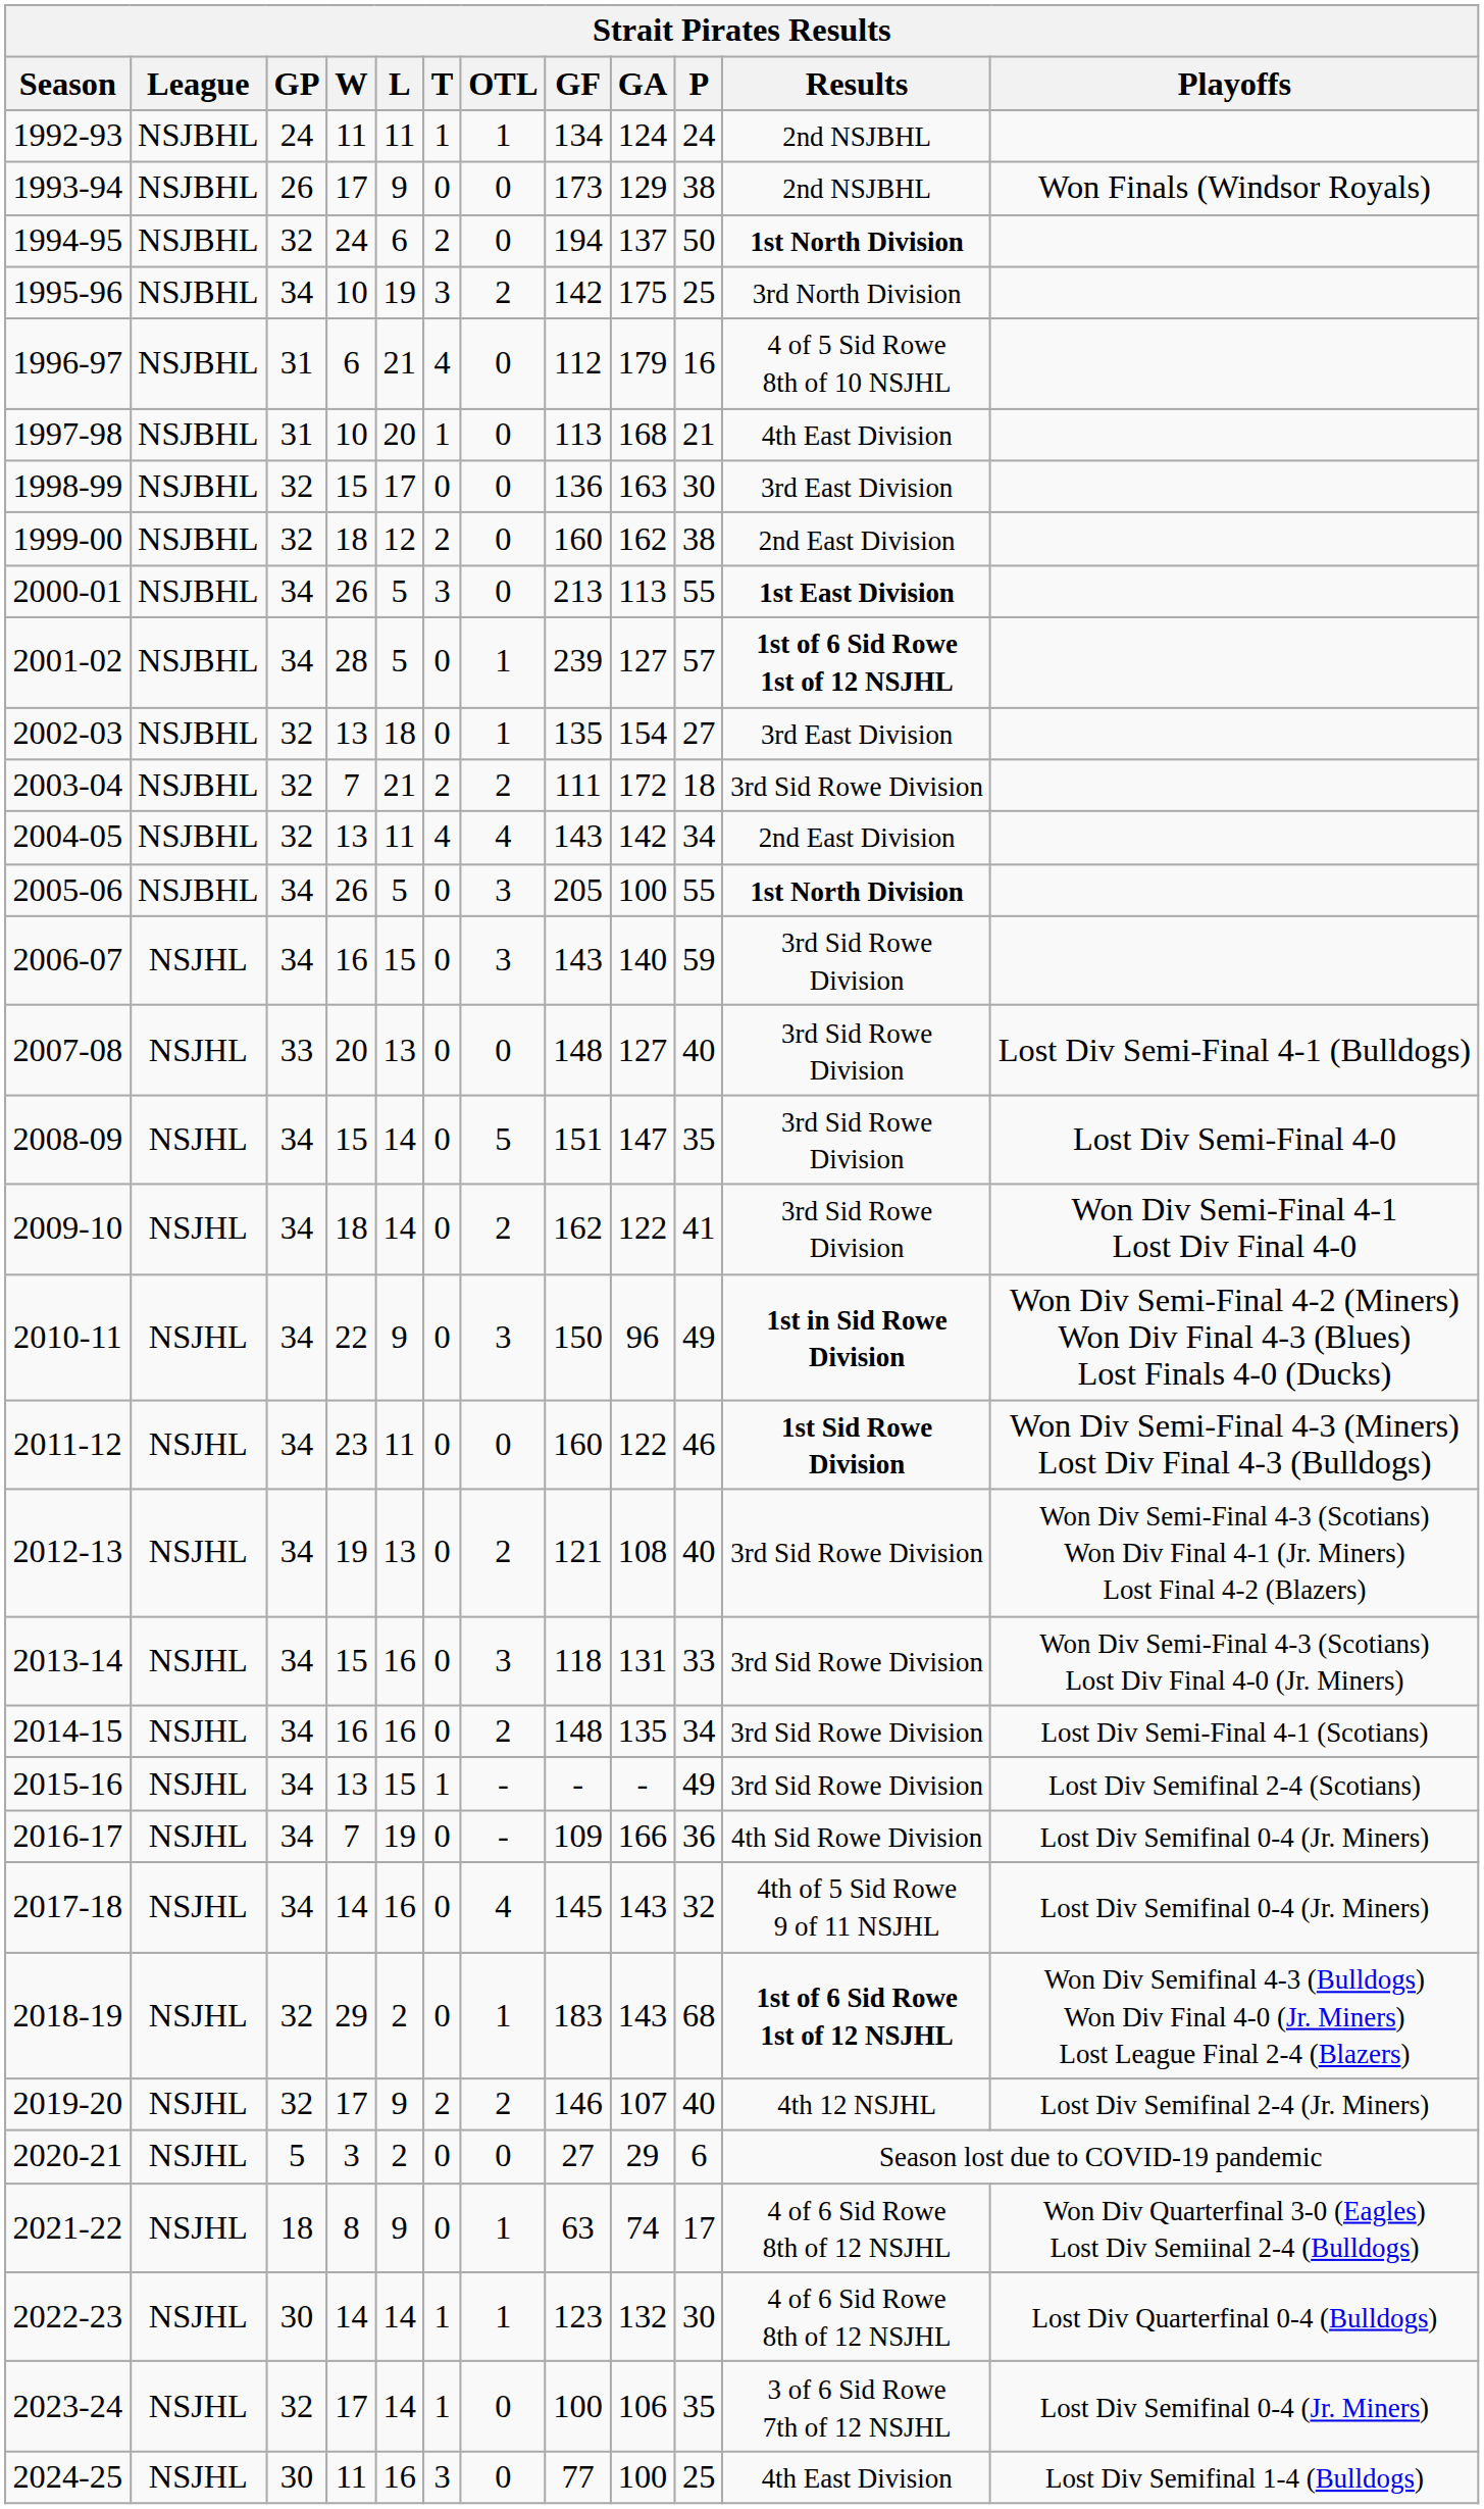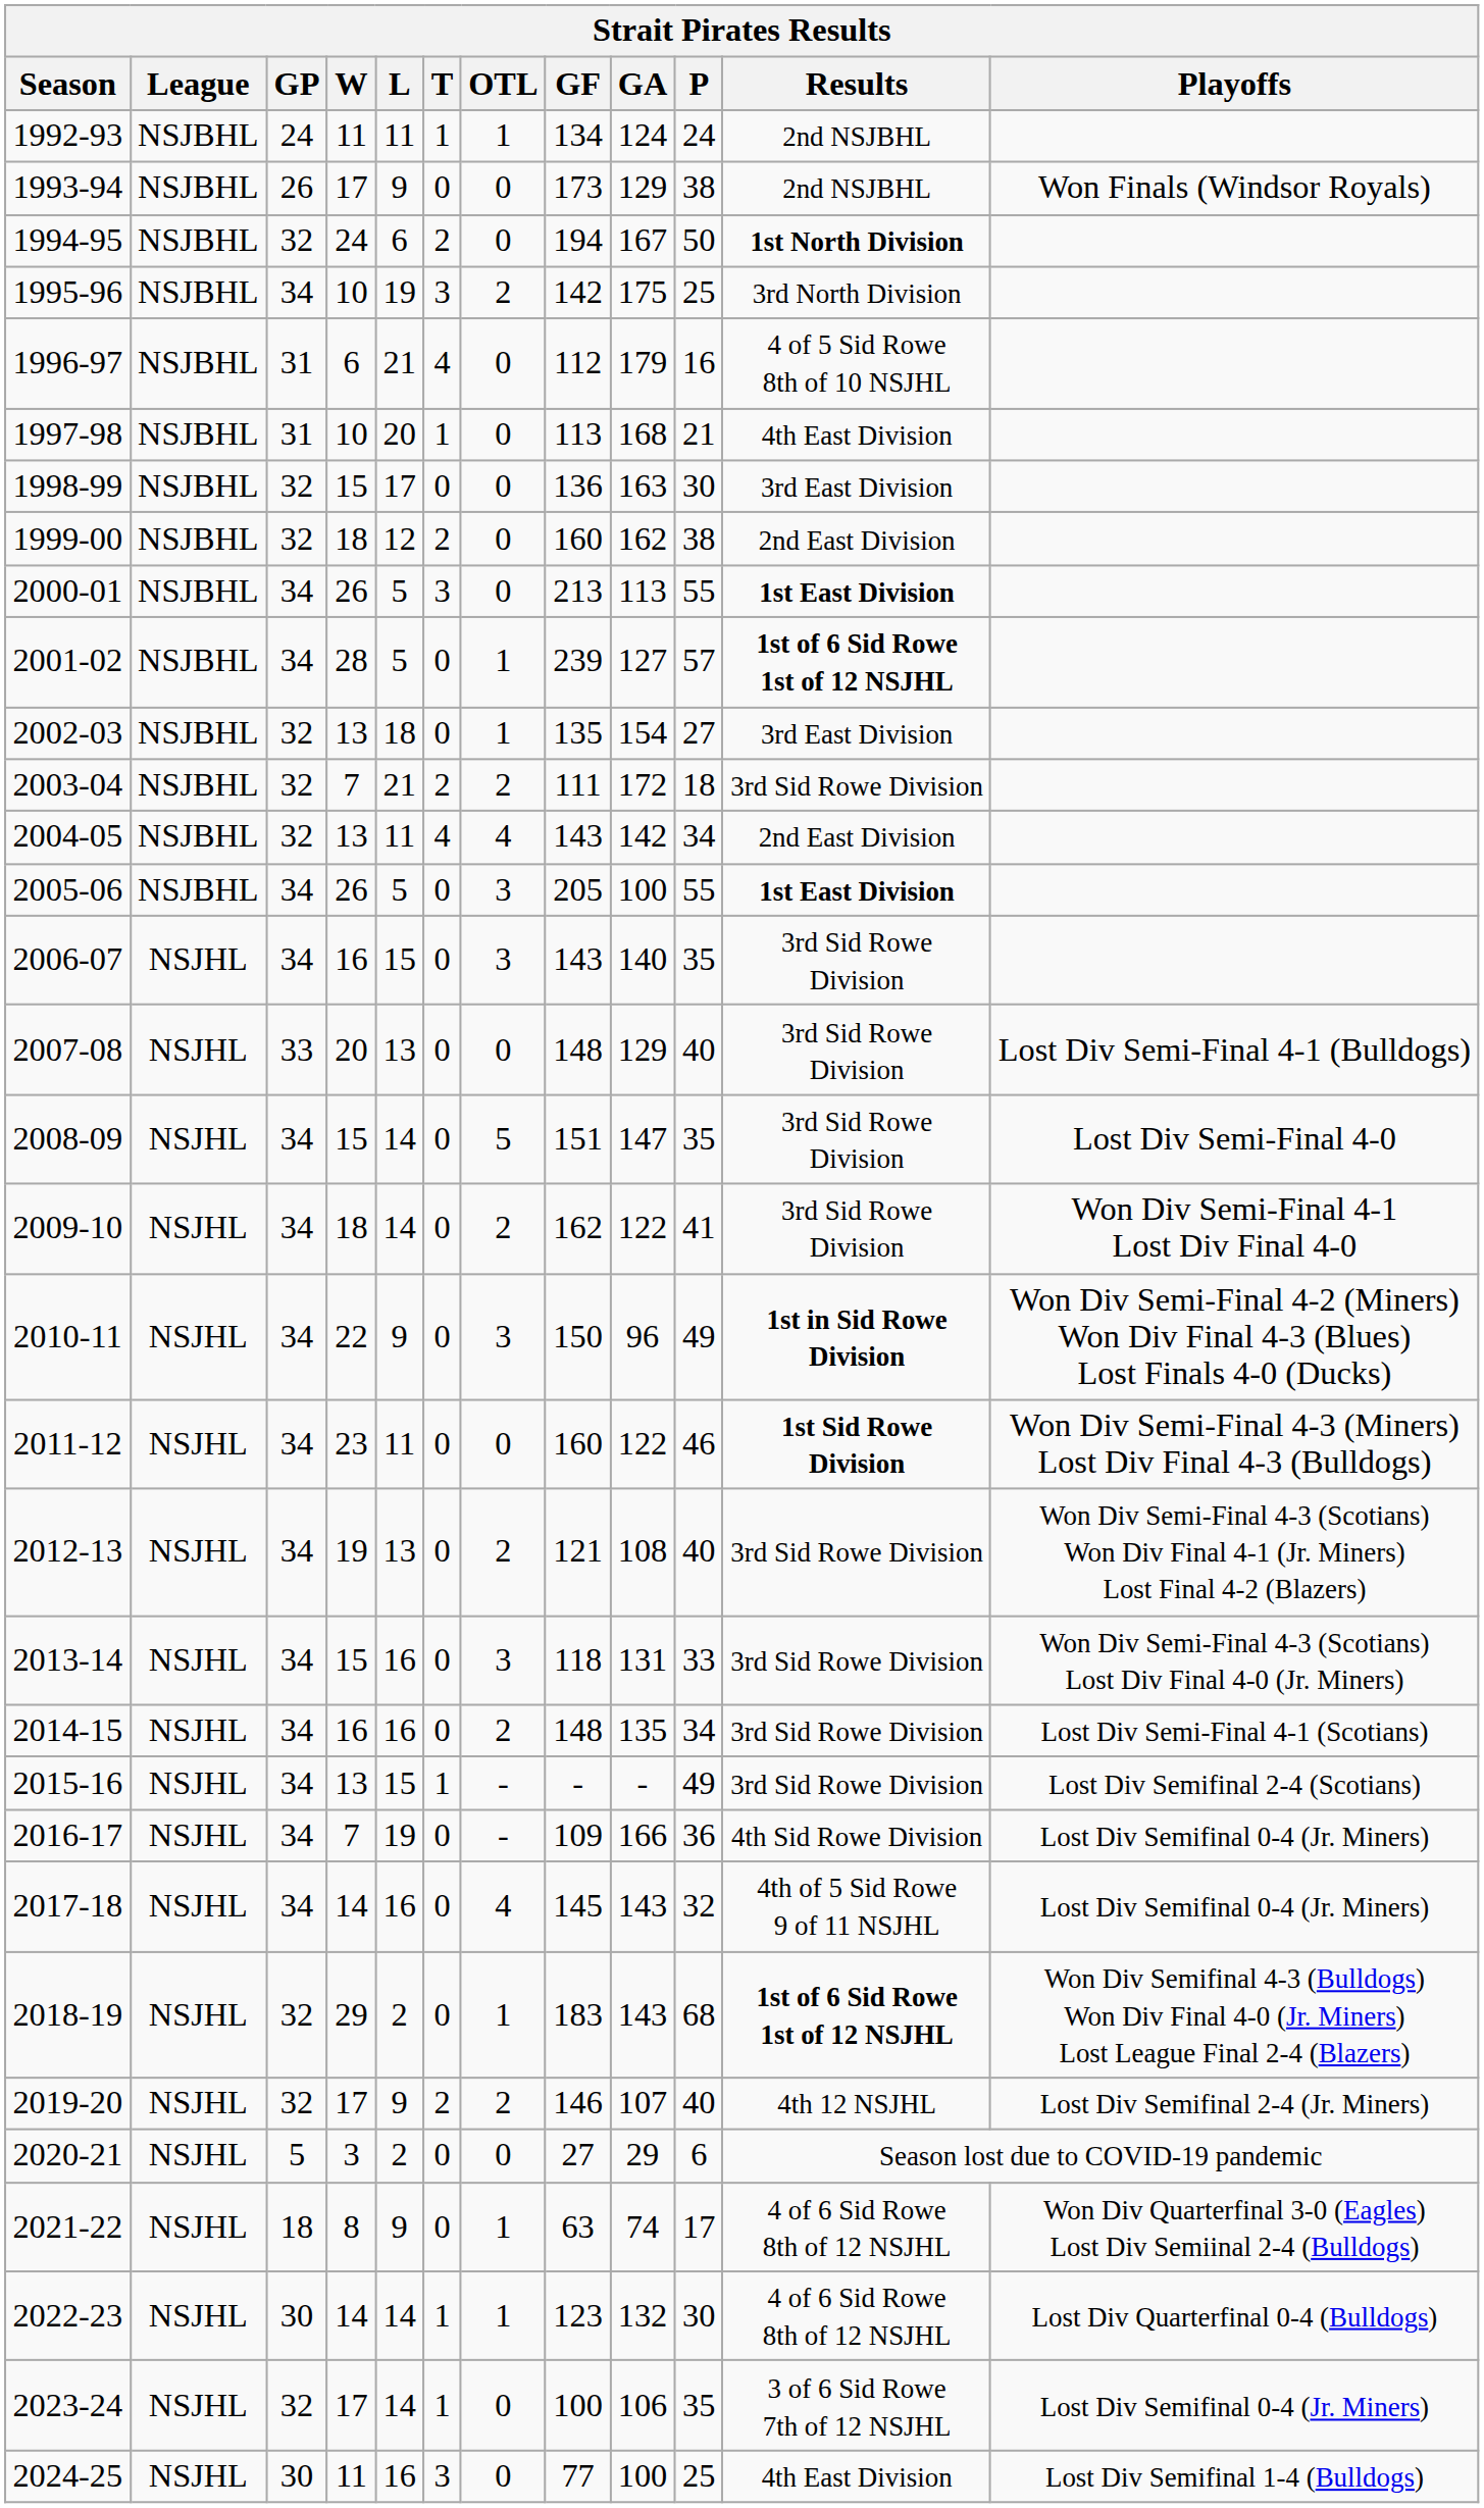 <table class="wikitable collapsible collapsed" style="text-align:center;">
 <tr>
 <th colspan=12 bgcolor="#822433" text_color=white><strong>Strait Pirates Results</strong></th>
 </tr>
 <tr>
 <th><strong>Season</strong></th>
 <th><strong>League</strong></th>
 <th><strong>GP</strong></th>
 <th><strong>W</strong></th>
 <th><strong>L</strong></th>
 <th><strong>T</strong></th>
 <th><strong>OTL</strong></th>
 <th><strong>GF</strong></th>
 <th><strong>GA</strong></th>
 <th><strong>P</strong></th>
 <th><strong>Results</strong></th>
 <th><strong>Playoffs</strong></th>
 </tr>
 <tr align="center">
 <td>1992-93</td>
 <td>NSJBHL</td>
 <td>24</td>
 <td>11</td>
 <td>11</td>
 <td>1</td>
 <td>1</td>
 <td>134</td>
 <td>124</td>
 <td>24</td>
 <td><small>2nd NSJBHL</small></td>
 <td></td>
 </tr>
 <tr align="center">
 <td>1993-94</td>
 <td>NSJBHL</td>
 <td>26</td>
 <td>17</td>
 <td>9</td>
 <td>0</td>
 <td>0</td>
 <td>173</td>
 <td>129</td>
 <td>38</td>
 <td><small>2nd NSJBHL</small></td>
 <td>Won Finals (Windsor Royals)</td>
 </tr>
 <tr align="center">
 <td>1994-95</td>
 <td>NSJBHL</td>
 <td>32</td>
 <td>24</td>
 <td>6</td>
 <td>2</td>
 <td>0</td>
 <td>194</td>
-<td>137</td>
+<td>167</td>
 <td>50</td>
 <td><small><strong>1st North Division</strong></small></td>
 <td></td>
 </tr>
 <tr align="center">
 <td>1995-96</td>
 <td>NSJBHL</td>
 <td>34</td>
 <td>10</td>
 <td>19</td>
 <td>3</td>
 <td>2</td>
 <td>142</td>
 <td>175</td>
 <td>25</td>
 <td><small>3rd North Division</small></td>
 <td></td>
 </tr>
 <tr align="center">
 <td>1996-97</td>
 <td>NSJBHL</td>
 <td>31</td>
 <td>6</td>
 <td>21</td>
 <td>4</td>
 <td>0</td>
 <td>112</td>
 <td>179</td>
 <td>16</td>
 <td><small>4 of 5 Sid Rowe<br>8th of 10 NSJHL</small></td>
 <td></td>
 </tr>
 <tr align="center">
 <td>1997-98</td>
 <td>NSJBHL</td>
 <td>31</td>
 <td>10</td>
 <td>20</td>
 <td>1</td>
 <td>0</td>
 <td>113</td>
 <td>168</td>
 <td>21</td>
 <td><small>4th East Division</small></td>
 <td></td>
 </tr>
 <tr align="center">
 <td>1998-99</td>
 <td>NSJBHL</td>
 <td>32</td>
 <td>15</td>
 <td>17</td>
 <td>0</td>
 <td>0</td>
 <td>136</td>
 <td>163</td>
 <td>30</td>
 <td><small>3rd East Division</small></td>
 <td></td>
 </tr>
 <tr align="center">
 <td>1999-00</td>
 <td>NSJBHL</td>
 <td>32</td>
 <td>18</td>
 <td>12</td>
 <td>2</td>
 <td>0</td>
 <td>160</td>
 <td>162</td>
 <td>38</td>
 <td><small>2nd East Division</small></td>
 <td></td>
 </tr>
 <tr align="center">
 <td>2000-01</td>
 <td>NSJBHL</td>
 <td>34</td>
 <td>26</td>
 <td>5</td>
 <td>3</td>
 <td>0</td>
 <td>213</td>
 <td>113</td>
 <td>55</td>
 <td><small><strong>1st East Division</strong></small></td>
 <td></td>
 </tr>
 <tr align="center">
 <td>2001-02</td>
 <td>NSJBHL</td>
 <td>34</td>
 <td>28</td>
 <td>5</td>
 <td>0</td>
 <td>1</td>
 <td>239</td>
 <td>127</td>
 <td>57</td>
 <td><small><strong>1st of 6 Sid Rowe</strong><br><strong>1st of 12 NSJHL</strong></small></td>
 <td></td>
 </tr>
 <tr align="center">
 <td>2002-03</td>
 <td>NSJBHL</td>
 <td>32</td>
 <td>13</td>
 <td>18</td>
 <td>0</td>
 <td>1</td>
 <td>135</td>
 <td>154</td>
 <td>27</td>
 <td><small>3rd East Division</small></td>
 <td></td>
 </tr>
 <tr align="center">
 <td>2003-04</td>
 <td>NSJBHL</td>
 <td>32</td>
 <td>7</td>
 <td>21</td>
 <td>2</td>
 <td>2</td>
 <td>111</td>
 <td>172</td>
 <td>18</td>
 <td><small>3rd Sid Rowe Division</small></td>
 <td></td>
 </tr>
 <tr align="center">
 <td>2004-05</td>
 <td>NSJBHL</td>
 <td>32</td>
 <td>13</td>
 <td>11</td>
 <td>4</td>
 <td>4</td>
 <td>143</td>
 <td>142</td>
 <td>34</td>
 <td><small>2nd East Division</small></td>
 <td></td>
 </tr>
 <tr align="center">
 <td>2005-06</td>
 <td>NSJBHL</td>
 <td>34</td>
 <td>26</td>
 <td>5</td>
 <td>0</td>
 <td>3</td>
 <td>205</td>
 <td>100</td>
 <td>55</td>
-<td><small><strong>1st North Division</strong></small></td>
+<td><small><strong>1st East Division</strong></small></td>
 <td></td>
 </tr>
 <tr align="center">
 <td>2006-07</td>
 <td>NSJHL</td>
 <td>34</td>
 <td>16</td>
 <td>15</td>
 <td>0</td>
 <td>3</td>
 <td>143</td>
 <td>140</td>
-<td>59</td>
+<td>35</td>
 <td><small>3rd Sid Rowe <br>Division</small></td>
 <td></td>
 </tr>
 <tr align="center">
 <td>2007-08</td>
 <td>NSJHL</td>
 <td>33</td>
 <td>20</td>
 <td>13</td>
 <td>0</td>
 <td>0</td>
 <td>148</td>
-<td>127</td>
+<td>129</td>
 <td>40</td>
 <td><small>3rd Sid Rowe<br> Division </small></td>
 <td>Lost Div Semi-Final 4-1 (Bulldogs)</td>
 </tr>
 <tr align="center">
 <td>2008-09</td>
 <td>NSJHL</td>
 <td>34</td>
 <td>15</td>
 <td>14</td>
 <td>0</td>
 <td>5</td>
 <td>151</td>
 <td>147</td>
 <td>35</td>
 <td><small>3rd Sid Rowe <br>Division</small></td>
 <td>Lost Div Semi-Final 4-0</td>
 </tr>
 <tr align="center">
 <td>2009-10</td>
 <td>NSJHL</td>
 <td>34</td>
 <td>18</td>
 <td>14</td>
 <td>0</td>
 <td>2</td>
 <td>162</td>
 <td>122</td>
 <td>41</td>
 <td><small>3rd Sid Rowe<br> Division</small></td>
 <td>Won Div Semi-Final 4-1<br>Lost Div Final 4-0</td>
 </tr>
 <tr align="center">
 <td>2010-11</td>
 <td>NSJHL</td>
 <td>34</td>
 <td>22</td>
 <td>9</td>
 <td>0</td>
 <td>3</td>
 <td>150</td>
 <td>96</td>
 <td>49</td>
 <td><small><strong>1st in Sid Rowe <br>Division</strong></small></td>
 <td>Won Div Semi-Final 4-2 (Miners)<br>Won Div Final 4-3 (Blues)<br>Lost Finals 4-0 (Ducks)</td>
 </tr>
 <tr align="center">
 <td>2011-12</td>
 <td>NSJHL</td>
 <td>34</td>
 <td>23</td>
 <td>11</td>
 <td>0</td>
 <td>0</td>
 <td>160</td>
 <td>122</td>
 <td>46</td>
 <td><small><strong>1st Sid Rowe <br>Division</strong></small></td>
 <td>Won Div Semi-Final 4-3 (Miners)<br>Lost Div Final 4-3 (Bulldogs)</td>
 </tr>
 <tr align="center">
 <td>2012-13</td>
 <td>NSJHL</td>
 <td>34</td>
 <td>19</td>
 <td>13</td>
 <td>0</td>
 <td>2</td>
 <td>121</td>
 <td>108</td>
 <td>40</td>
 <td><small>3rd Sid Rowe Division</small></td>
 <td><small>Won Div Semi-Final 4-3 (Scotians)<br>Won Div Final 4-1 (Jr. Miners)<br>Lost Final 4-2 (Blazers)</small></td>
 </tr>
 <tr align="center">
 <td>2013-14</td>
 <td>NSJHL</td>
 <td>34</td>
 <td>15</td>
 <td>16</td>
 <td>0</td>
 <td>3</td>
 <td>118</td>
 <td>131</td>
 <td>33</td>
 <td><small>3rd Sid Rowe Division</small></td>
 <td><small>Won Div Semi-Final 4-3 (Scotians)<br>Lost Div Final 4-0 (Jr. Miners)</small></td>
 </tr>
 <tr align="center">
 <td>2014-15</td>
 <td>NSJHL</td>
 <td>34</td>
 <td>16</td>
 <td>16</td>
 <td>0</td>
 <td>2</td>
 <td>148</td>
 <td>135</td>
 <td>34</td>
 <td><small>3rd Sid Rowe Division</small></td>
 <td><small>Lost Div Semi-Final 4-1 (Scotians)</small></td>
 </tr>
 <tr align="center">
 <td>2015-16</td>
 <td>NSJHL</td>
 <td>34</td>
 <td>13</td>
 <td>15</td>
 <td>1</td>
 <td>-</td>
 <td>-</td>
 <td>-</td>
 <td>49</td>
 <td><small>3rd Sid Rowe Division</small></td>
 <td><small>Lost Div Semifinal 2-4 (Scotians)</small></td>
 </tr>
 <tr align="center">
 <td>2016-17</td>
 <td>NSJHL</td>
 <td>34</td>
 <td>7</td>
 <td>19</td>
 <td>0</td>
 <td>-</td>
 <td>109</td>
 <td>166</td>
 <td>36</td>
 <td><small>4th Sid Rowe Division</small></td>
 <td><small>Lost Div Semifinal 0-4 (Jr. Miners)</small></td>
 </tr>
 <tr align="center">
 <td>2017-18</td>
 <td>NSJHL</td>
 <td>34</td>
 <td>14</td>
 <td>16</td>
 <td>0</td>
 <td>4</td>
 <td>145</td>
 <td>143</td>
 <td>32</td>
 <td><small>4th of 5 Sid Rowe<br>9 of 11 NSJHL</small></td>
 <td><small>Lost Div Semifinal 0-4 (Jr. Miners)</small></td>
 </tr>
 <tr align="center">
 <td>2018-19</td>
 <td>NSJHL</td>
 <td>32</td>
 <td>29</td>
 <td>2</td>
 <td>0</td>
 <td>1</td>
 <td>183</td>
 <td>143</td>
 <td>68</td>
 <td><small><strong>1st of 6 Sid Rowe</strong><br><strong>1st of 12 NSJHL</strong></small></td>
 <td><small>Won Div Semifinal 4-3 (<a href='#'>Bulldogs</a>)<br>Won Div Final 4-0 (<a href='#'>Jr. Miners</a>)<br>Lost League Final 2-4 (<a href='#'>Blazers</a>)</small></td>
 </tr>
 <tr align="center">
 <td>2019-20</td>
 <td>NSJHL</td>
 <td>32</td>
 <td>17</td>
 <td>9</td>
 <td>2</td>
 <td>2</td>
 <td>146</td>
 <td>107</td>
 <td>40</td>
 <td><small>4th 12 NSJHL</small></td>
 <td><small>Lost Div Semifinal 2-4 (Jr. Miners)</small></td>
 </tr>
 <tr align="center">
 <td>2020-21</td>
 <td>NSJHL</td>
 <td>5</td>
 <td>3</td>
 <td>2</td>
 <td>0</td>
 <td>0</td>
 <td>27</td>
 <td>29</td>
 <td>6</td>
 <td colspan=2><small>Season lost due to COVID-19 pandemic</small></td>
 </tr>
 <tr align="center">
 <td>2021-22</td>
 <td>NSJHL</td>
 <td>18</td>
 <td>8</td>
 <td>9</td>
 <td>0</td>
 <td>1</td>
 <td>63</td>
 <td>74</td>
 <td>17</td>
 <td><small>4 of 6 Sid Rowe<br>8th of 12 NSJHL</small></td>
 <td><small>Won Div Quarterfinal 3-0 (<a href='#'>Eagles</a>)<br>Lost Div Semiinal 2-4 (<a href='#'>Bulldogs</a>)</small></td>
 </tr>
 <tr align="center">
 <td>2022-23</td>
 <td>NSJHL</td>
 <td>30</td>
 <td>14</td>
 <td>14</td>
 <td>1</td>
 <td>1</td>
 <td>123</td>
 <td>132</td>
 <td>30</td>
 <td><small>4 of 6 Sid Rowe<br>8th of 12 NSJHL</small></td>
 <td><small>Lost Div Quarterfinal 0-4 (<a href='#'>Bulldogs</a>)</small></td>
 </tr>
 <tr align="center">
 <td>2023-24</td>
 <td>NSJHL</td>
 <td>32</td>
 <td>17</td>
 <td>14</td>
 <td>1</td>
 <td>0</td>
 <td>100</td>
 <td>106</td>
 <td>35</td>
 <td><small>3 of 6 Sid Rowe<br>7th of 12 NSJHL</small></td>
 <td><small>Lost Div Semifinal 0-4 (<a href='#'>Jr. Miners</a>)</small></td>
 </tr>
 <tr align="center">
 <td>2024-25</td>
 <td>NSJHL</td>
 <td>30</td>
 <td>11</td>
 <td>16</td>
 <td>3</td>
 <td>0</td>
 <td>77</td>
 <td>100</td>
 <td>25</td>
 <td><small>4th East Division</small></td>
 <td><small>Lost Div Semifinal 1-4 (<a href='#'>Bulldogs</a>)</small></td>
 </tr>
 </table>
